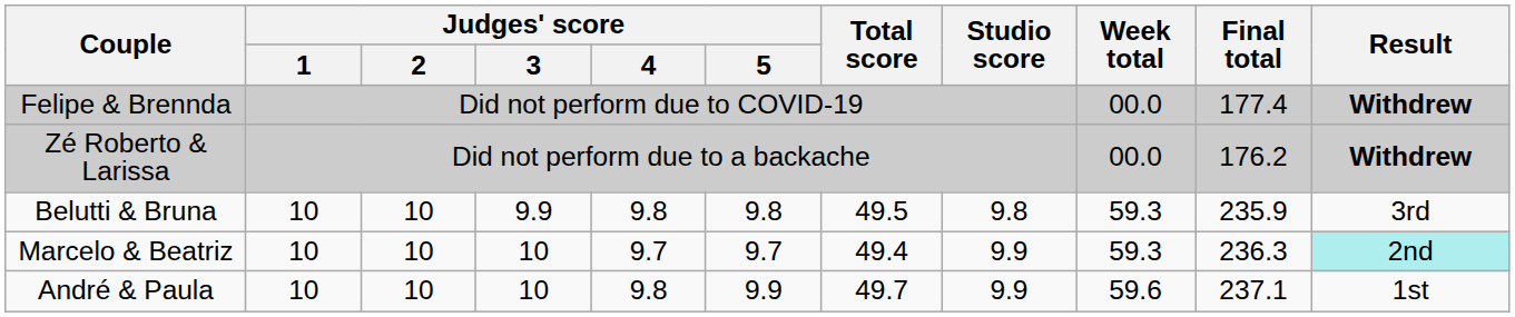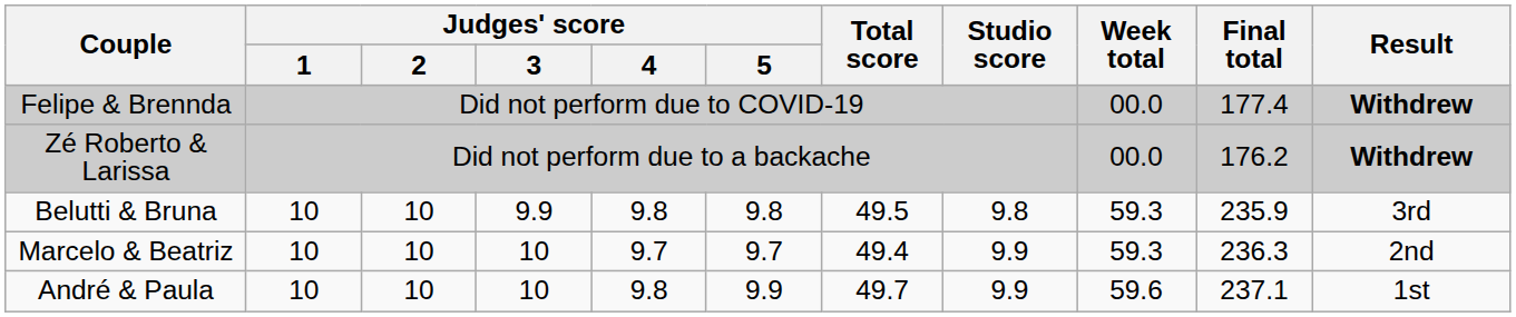 <table class="wikitable" style="font-size:100%; line-height:16px; text-align:center" width="100%">
 <tr>
 <th rowspan=2 width="11.00%">Couple</th>
 <th colspan=5>Judges' score</th>
 <th rowspan=2 width="05.25%">Total<br>score</th>
 <th rowspan=2 width="05.25%">Studio<br>score</th>
 <th rowspan=2 width="05.25%">Week<br>total</th>
 <th rowspan=2 width="05.25%">Final<br>total</th>
 <th rowspan=2 width="09.00%">Result<br></th>
 </tr>
 <tr>
 <th width="05.25%">1</th>
 <th width="05.25%">2</th>
 <th width="05.25%">3</th>
 <th width="05.25%">4</th>
 <th width="05.25%">5</th>
 </tr>
 <tr bgcolor="CCCCCC">
 <td>Felipe & Brennda</td>
 <td colspan=7>Did not perform due to COVID-19</td>
 <td>00.0</td>
 <td>177.4</td>
 <td><strong>Withdrew</strong></td>
 </tr>
 <tr bgcolor="CCCCCC">
 <td>Zé Roberto & Larissa</td>
 <td colspan=7>Did not perform due to a backache</td>
 <td>00.0</td>
 <td>176.2</td>
 <td><strong>Withdrew</strong></td>
 </tr>
 <tr>
 <td>Belutti & Bruna</td>
 <td>10</td>
 <td>10</td>
 <td>9.9</td>
 <td>9.8</td>
 <td>9.8</td>
 <td>49.5</td>
 <td>9.8</td>
 <td>59.3</td>
 <td>235.9</td>
 <td>3rd</td>
 </tr>
 <tr>
 <td>Marcelo & Beatriz</td>
 <td>10</td>
 <td>10</td>
 <td>10</td>
 <td>9.7</td>
 <td>9.7</td>
 <td>49.4</td>
 <td>9.9</td>
 <td>59.3</td>
 <td>236.3</td>
-<td style="background: paleturquoise;">2nd</td>
+<td>2nd</td>
 </tr>
 <tr>
 <td>André & Paula</td>
 <td>10</td>
 <td>10</td>
 <td>10</td>
 <td>9.8</td>
 <td>9.9</td>
 <td>49.7</td>
 <td>9.9</td>
 <td>59.6</td>
 <td>237.1</td>
 <td>1st</td>
 </tr>
 </table>
